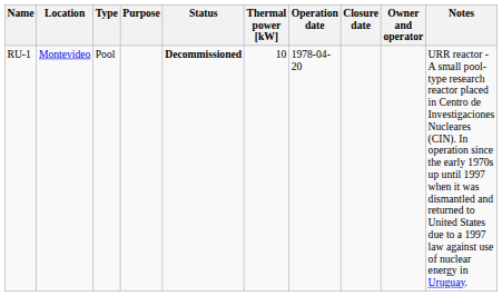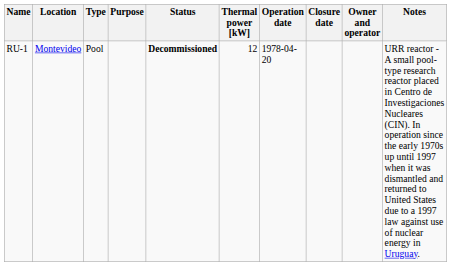 <table class="wikitable" >
 <tr valign="top">
 <th width="80">Name</th>
 <th width="65">Location</th>
 <th width="76">Type</th>
 <th width="65">Purpose</th>
 <th width="91">Status</th>
 <th width="70“">Thermal power [kW]</th>
 <th width=„67“>Operation date</th>
 <th width="78“">Closure date</th>
 <th width="113“">Owner and operator</th>
 <th width="65">Notes</th>
 </tr>
 <tr valign="top">
 <td>RU-1</td>
 <td><a href='#'>Montevideo</a></td>
 <td>Pool</td>
 <td></td>
 <td><strong>Decommissioned</strong></td>
-<td align="right">10</td>
+<td align="right">12</td>
 <td>1978-04-20</td>
 <td></td>
 <td></td>
 <td>URR reactor - A small pool-type research reactor placed in Centro de Investigaciones Nucleares (CIN). In operation since the early 1970s up until 1997 when it was dismantled and returned to United States due to a 1997 law against use of nuclear energy in <a href='#'>Uruguay</a>.</td>
 </tr>
 </table>
